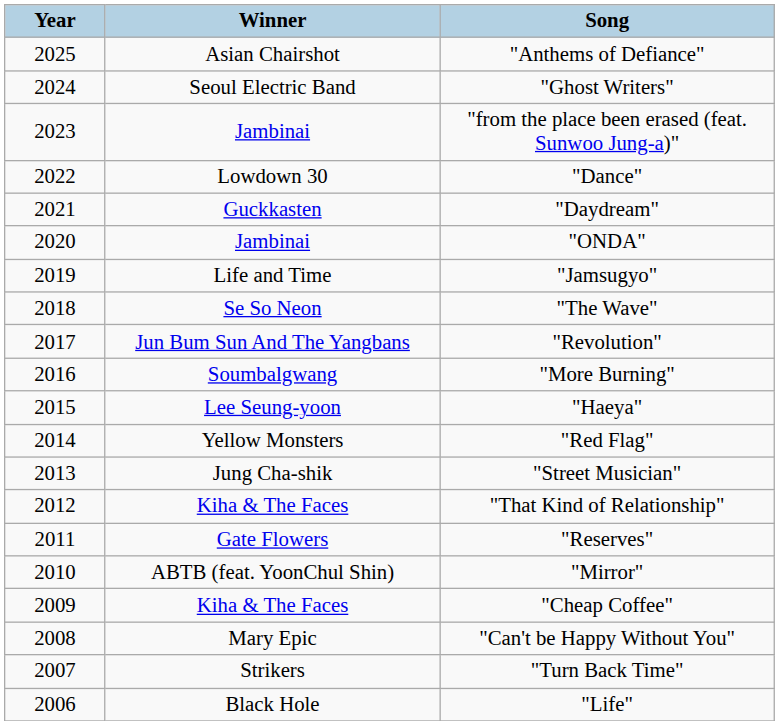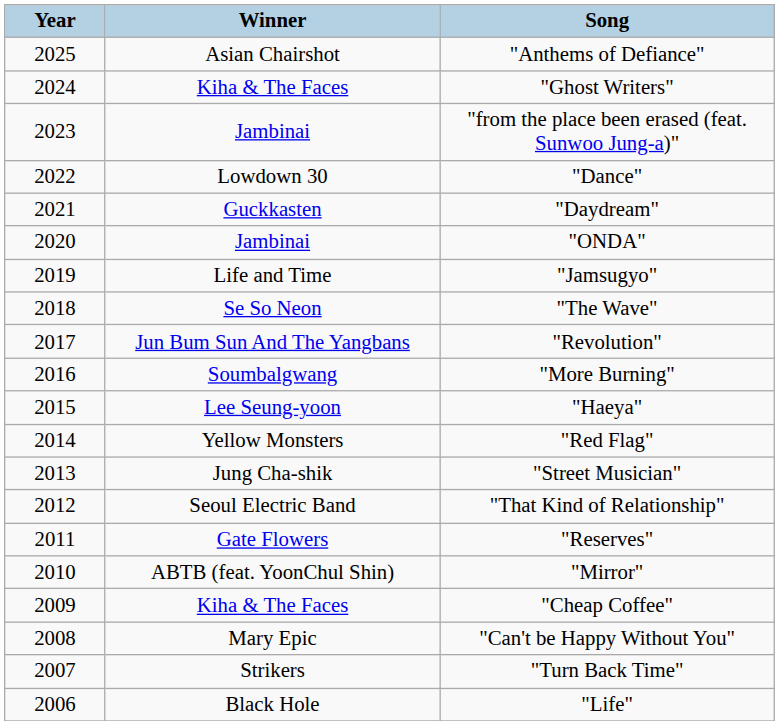 <table class="wikitable" style="text-align: center">
 <tr>
 <th width="70" style="background:#b3d1e3;">Year</th>
 <th width="250" style="background:#b3d1e3;">Winner</th>
 <th width="250" style="background:#b3d1e3;">Song</th>
 </tr>
 <tr>
 <td>2025</td>
 <td>Asian Chairshot</td>
 <td>"Anthems of Defiance"</td>
 </tr>
 <tr>
 <td>2024</td>
-<td>Seoul Electric Band</td>
+<td><a href='#'>Kiha & The Faces</a></td>
 <td>"Ghost Writers"</td>
 </tr>
 <tr>
 <td>2023</td>
 <td><a href='#'>Jambinai</a></td>
 <td>"from the place been erased (feat. <a href='#'>Sunwoo Jung-a</a>)"</td>
 </tr>
 <tr>
 <td>2022</td>
 <td>Lowdown 30</td>
 <td>"Dance"</td>
 </tr>
 <tr>
 <td>2021</td>
 <td><a href='#'>Guckkasten</a></td>
 <td>"Daydream"</td>
 </tr>
 <tr>
 <td>2020</td>
 <td><a href='#'>Jambinai</a></td>
 <td>"ONDA"</td>
 </tr>
 <tr>
 <td>2019</td>
 <td>Life and Time</td>
 <td>"Jamsugyo"</td>
 </tr>
 <tr>
 <td>2018</td>
 <td><a href='#'>Se So Neon</a></td>
 <td>"The Wave"</td>
 </tr>
 <tr>
 <td>2017</td>
 <td><a href='#'>Jun Bum Sun And The Yangbans</a></td>
 <td>"Revolution"</td>
 </tr>
 <tr>
 <td>2016</td>
 <td><a href='#'>Soumbalgwang</a></td>
 <td>"More Burning"</td>
 </tr>
 <tr>
 <td>2015</td>
 <td><a href='#'>Lee Seung-yoon</a></td>
 <td>"Haeya"</td>
 </tr>
 <tr>
 <td>2014</td>
 <td>Yellow Monsters</td>
 <td>"Red Flag"</td>
 </tr>
 <tr>
 <td>2013</td>
 <td>Jung Cha-shik</td>
 <td>"Street Musician"</td>
 </tr>
 <tr>
 <td>2012</td>
-<td><a href='#'>Kiha & The Faces</a></td>
+<td>Seoul Electric Band</td>
 <td>"That Kind of Relationship"</td>
 </tr>
 <tr>
 <td>2011</td>
 <td><a href='#'>Gate Flowers</a></td>
 <td>"Reserves"</td>
 </tr>
 <tr>
 <td>2010</td>
 <td>ABTB (feat. YoonChul Shin)</td>
 <td>"Mirror"</td>
 </tr>
 <tr>
 <td>2009</td>
 <td><a href='#'>Kiha & The Faces</a></td>
 <td>"Cheap Coffee"</td>
 </tr>
 <tr>
 <td>2008</td>
 <td>Mary Epic</td>
 <td>"Can't be Happy Without You"</td>
 </tr>
 <tr>
 <td>2007</td>
 <td>Strikers</td>
 <td>"Turn Back Time"</td>
 </tr>
 <tr>
 <td>2006</td>
 <td>Black Hole</td>
 <td>"Life"</td>
 </tr>
 </table>
